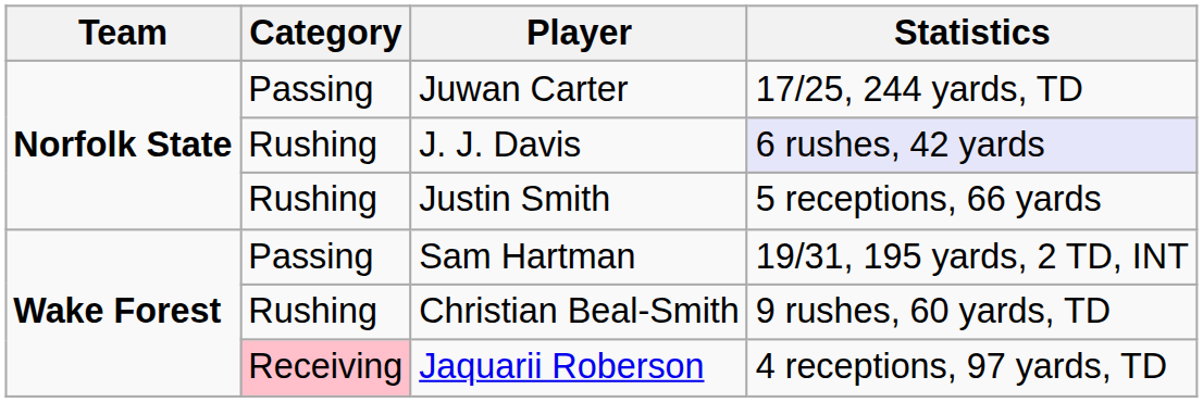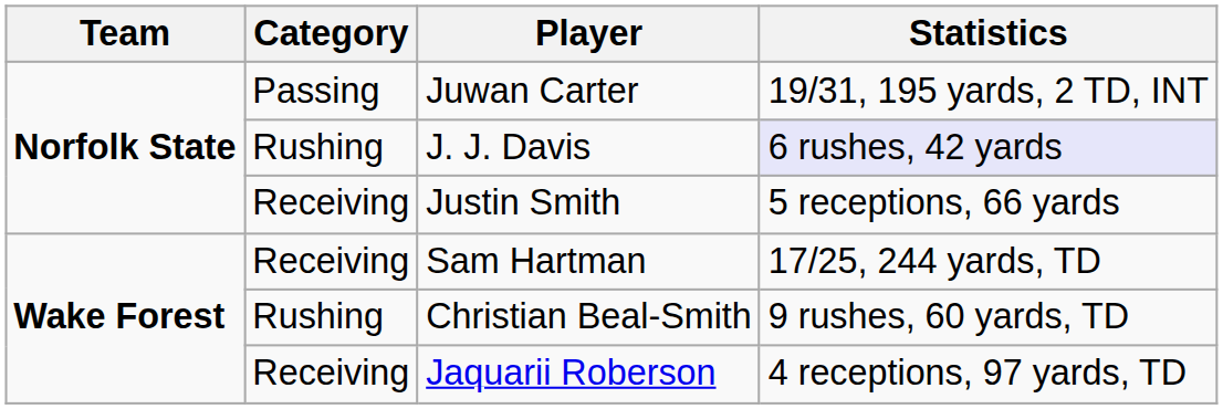 <table class="wikitable" style="float: right;">
 <tr>
 <th>Team</th>
 <th>Category</th>
 <th>Player</th>
 <th>Statistics</th>
 </tr>
 <tr>
 <td rowspan=3><strong>Norfolk State</strong></td>
 <td>Passing</td>
 <td>Juwan Carter</td>
-<td>17/25, 244 yards, TD</td>
+<td>19/31, 195 yards, 2 TD, INT</td>
 </tr>
 <tr>
 <td>Rushing</td>
 <td>J. J. Davis</td>
 <td style="background: lavender;">6 rushes, 42 yards</td>
 </tr>
 <tr>
-<td>Rushing</td>
+<td>Receiving</td>
 <td>Justin Smith</td>
 <td>5 receptions, 66 yards</td>
 </tr>
 <tr>
 <td rowspan=3><strong>Wake Forest</strong></td>
-<td>Passing</td>
+<td>Receiving</td>
 <td>Sam Hartman</td>
-<td>19/31, 195 yards, 2 TD, INT</td>
+<td>17/25, 244 yards, TD</td>
 </tr>
 <tr>
 <td>Rushing</td>
 <td>Christian Beal-Smith</td>
 <td>9 rushes, 60 yards, TD</td>
 </tr>
 <tr>
-<td style="background: pink;">Receiving</td>
+<td>Receiving</td>
 <td><a href='#'>Jaquarii Roberson</a></td>
 <td>4 receptions, 97 yards, TD</td>
 </tr>
 </table>
